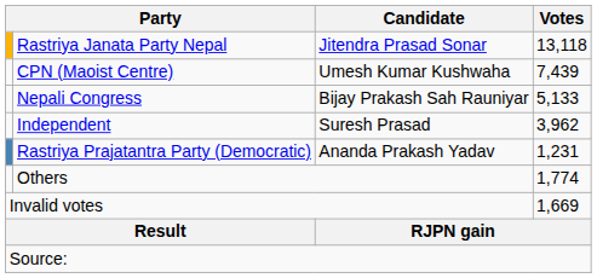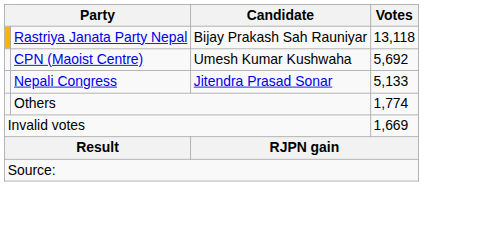 <table class="wikitable">
 <tr>
 <th colspan="2">Party</th>
 <th>Candidate</th>
 <th>Votes</th>
 </tr>
 <tr>
 <td style="background-color:#ffb300"></td>
 <td><a href='#'>Rastriya Janata Party Nepal</a></td>
-<td><a href='#'>Jitendra Prasad Sonar</a></td>
+<td>Bijay Prakash Sah Rauniyar</td>
 <td>13,118</td>
 </tr>
 <tr>
 <td style="background-color:"></td>
 <td><a href='#'>CPN (Maoist Centre)</a></td>
 <td>Umesh Kumar Kushwaha</td>
-<td>7,439</td>
+<td>5,692</td>
 </tr>
 <tr>
 <td style="background-color:"></td>
 <td><a href='#'>Nepali Congress</a></td>
-<td>Bijay Prakash Sah Rauniyar</td>
+<td><a href='#'>Jitendra Prasad Sonar</a></td>
 <td>5,133</td>
-</tr>
-<tr>
-<td style="background-color:"></td>
-<td><a href='#'>Independent</a></td>
-<td>Suresh Prasad</td>
-<td>3,962</td>
-</tr>
-<tr>
-<td style="background-color:steelblue"></td>
-<td><a href='#'>Rastriya Prajatantra Party (Democratic)</a></td>
-<td>Ananda Prakash Yadav</td>
-<td>1,231</td>
 </tr>
 <tr>
 <td></td>
 <td colspan="2">Others</td>
 <td>1,774</td>
 </tr>
 <tr>
 <td colspan="3">Invalid votes</td>
 <td>1,669</td>
 </tr>
 <tr>
 <th colspan="2">Result</th>
 <th colspan="2">RJPN gain</th>
 </tr>
 <tr>
 <td colspan="4">Source: </td>
 </tr>
 </table>
